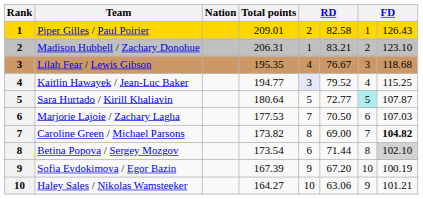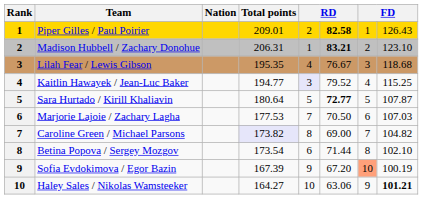 <table class="wikitable sortable">
 <tr>
 <th>Rank</th>
 <th>Team</th>
 <th>Nation</th>
 <th>Total points</th>
 <th colspan="2" width="80px"><a href='#'>RD</a></th>
 <th colspan="2" width="80px"><a href='#'>FD</a></th>
 </tr>
 <tr bgcolor="gold">
 <td align="center"><strong>1</strong></td>
 <td><a href='#'>Piper Gilles</a> / <a href='#'>Paul Poirier</a></td>
 <td></td>
 <td align="center">209.01</td>
 <td align="center">2</td>
-<td align="center">82.58</td>
+<td align="center"><strong>82.58</strong></td>
 <td align="center">1</td>
 <td align="center">126.43</td>
 </tr>
 <tr bgcolor="silver">
 <td align="center"><strong>2</strong></td>
 <td><a href='#'>Madison Hubbell</a> / <a href='#'>Zachary Donohue</a></td>
 <td></td>
 <td align="center">206.31</td>
 <td align="center">1</td>
-<td align="center">83.21</td>
+<td align="center"><strong>83.21</strong></td>
 <td align="center">2</td>
 <td align="center">123.10</td>
 </tr>
 <tr bgcolor="cc9966">
 <td align="center"><strong>3</strong></td>
 <td><a href='#'>Lilah Fear</a> / <a href='#'>Lewis Gibson</a></td>
 <td></td>
 <td align="center">195.35</td>
 <td align="center">4</td>
 <td align="center">76.67</td>
 <td align="center">3</td>
 <td align="center">118.68</td>
 </tr>
 <tr>
 <th>4</th>
 <td><a href='#'>Kaitlin Hawayek</a> / <a href='#'>Jean-Luc Baker</a></td>
 <td></td>
 <td align="center">194.77</td>
 <td align="center" style="background: lavender;">3</td>
 <td align="center">79.52</td>
 <td align="center">4</td>
 <td align="center">115.25</td>
 </tr>
 <tr>
 <th>5</th>
 <td><a href='#'>Sara Hurtado</a> / <a href='#'>Kirill Khaliavin</a></td>
 <td></td>
 <td align="center">180.64</td>
 <td align="center">5</td>
-<td align="center">72.77</td>
-<td align="center" style="background: paleturquoise;">5</td>
+<td align="center"><strong>72.77</strong></td>
+<td align="center">5</td>
 <td align="center">107.87</td>
 </tr>
 <tr>
 <th>6</th>
 <td><a href='#'>Marjorie Lajoie</a> / <a href='#'>Zachary Lagha</a></td>
 <td></td>
 <td align="center">177.53</td>
 <td align="center">7</td>
 <td align="center">70.50</td>
 <td align="center">6</td>
 <td align="center">107.03</td>
 </tr>
 <tr>
 <th>7</th>
 <td><a href='#'>Caroline Green</a> / <a href='#'>Michael Parsons</a></td>
 <td></td>
-<td align="center">173.82</td>
+<td align="center" style="background: lavender;">173.82</td>
 <td align="center">8</td>
 <td align="center">69.00</td>
 <td align="center">7</td>
-<td align="center"><strong>104.82</strong></td>
+<td align="center">104.82</td>
 </tr>
 <tr>
 <th>8</th>
 <td><a href='#'>Betina Popova</a> / <a href='#'>Sergey Mozgov</a></td>
 <td></td>
 <td align="center">173.54</td>
 <td align="center">6</td>
 <td align="center">71.44</td>
 <td align="center">8</td>
-<td align="center" style="background: lightgrey;">102.10</td>
+<td align="center">102.10</td>
 </tr>
 <tr>
 <th>9</th>
 <td><a href='#'>Sofia Evdokimova</a> / <a href='#'>Egor Bazin</a></td>
 <td></td>
 <td align="center">167.39</td>
 <td align="center">9</td>
 <td align="center">67.20</td>
-<td align="center">10</td>
+<td align="center" style="background: lightsalmon;">10</td>
 <td align="center">100.19</td>
 </tr>
 <tr>
 <th>10</th>
 <td><a href='#'>Haley Sales</a> / <a href='#'>Nikolas Wamsteeker</a></td>
 <td></td>
 <td align="center">164.27</td>
 <td align="center">10</td>
 <td align="center">63.06</td>
 <td align="center">9</td>
-<td align="center">101.21</td>
+<td align="center"><strong>101.21</strong></td>
 </tr>
 </table>
